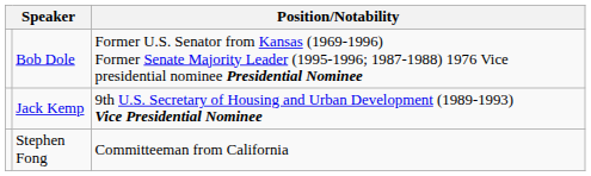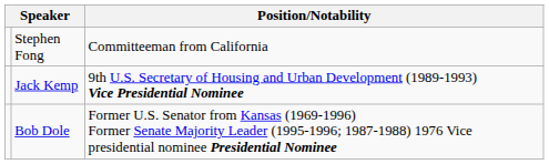 <table class="wikitable">
 <tr>
 <th colspan="2">Speaker</th>
 <th>Position/Notability</th>
 </tr>
 <tr>
 <td></td>
-<td><a href='#'>Bob Dole</a></td>
-<td>Former U.S. Senator from <a href='#'>Kansas</a> (1969-1996)<br>Former <a href='#'>Senate Majority Leader</a> (1995-1996; 1987-1988) 1976 Vice presidential nominee <strong><em>Presidential Nominee</em></strong></td>
+<td>Stephen Fong</td>
+<td>Committeeman from California</td>
 </tr>
 <tr>
 <td></td>
 <td><a href='#'>Jack Kemp</a></td>
 <td>9th <a href='#'>U.S. Secretary of Housing and Urban Development</a> (1989-1993)<br><strong><em>Vice Presidential Nominee</em></strong></td>
 </tr>
 <tr>
 <td></td>
-<td>Stephen Fong</td>
-<td>Committeeman from California</td>
+<td><a href='#'>Bob Dole</a></td>
+<td>Former U.S. Senator from <a href='#'>Kansas</a> (1969-1996)<br>Former <a href='#'>Senate Majority Leader</a> (1995-1996; 1987-1988) 1976 Vice presidential nominee <strong><em>Presidential Nominee</em></strong></td>
 </tr>
 </table>
